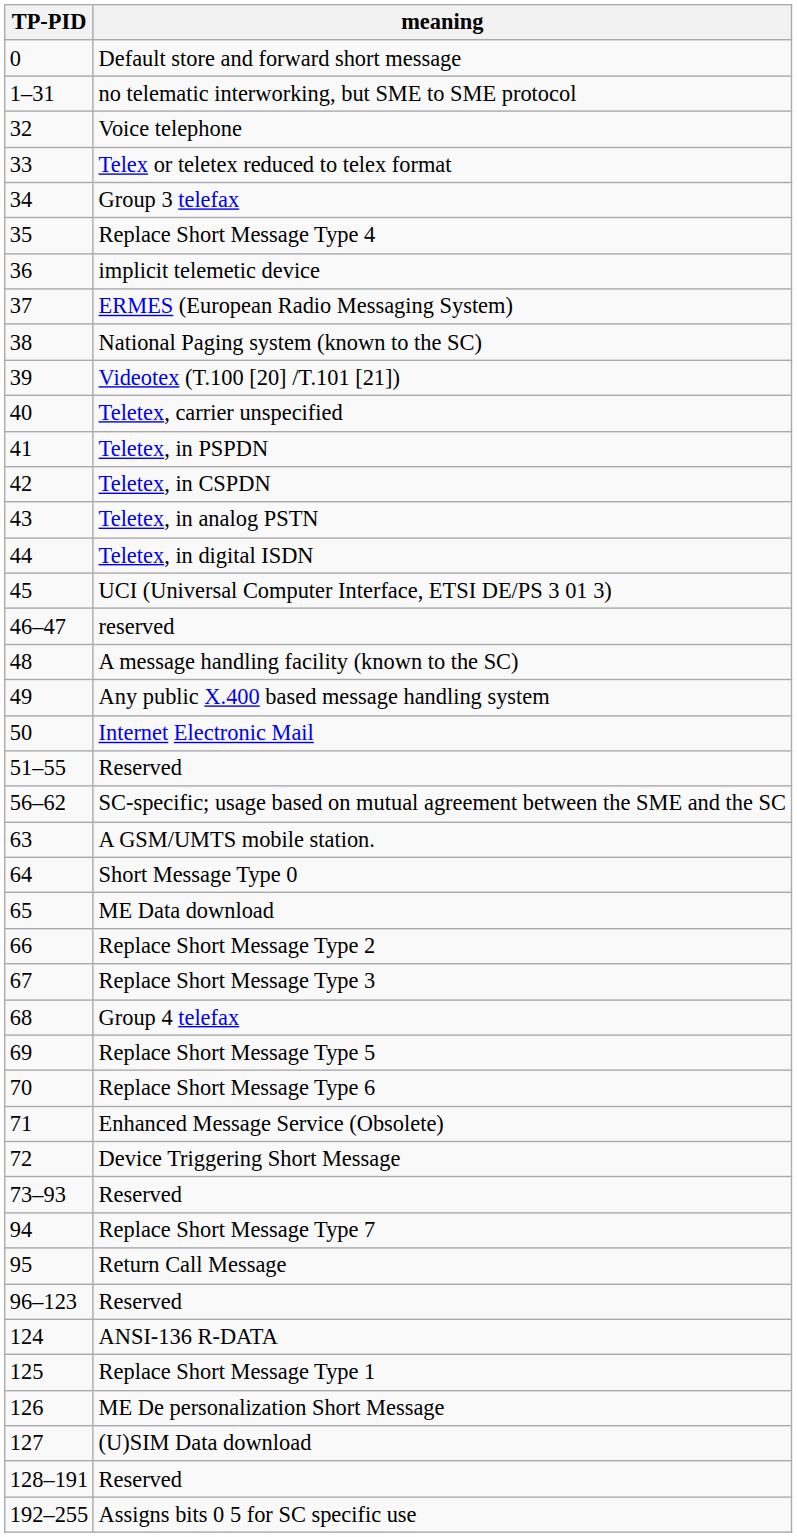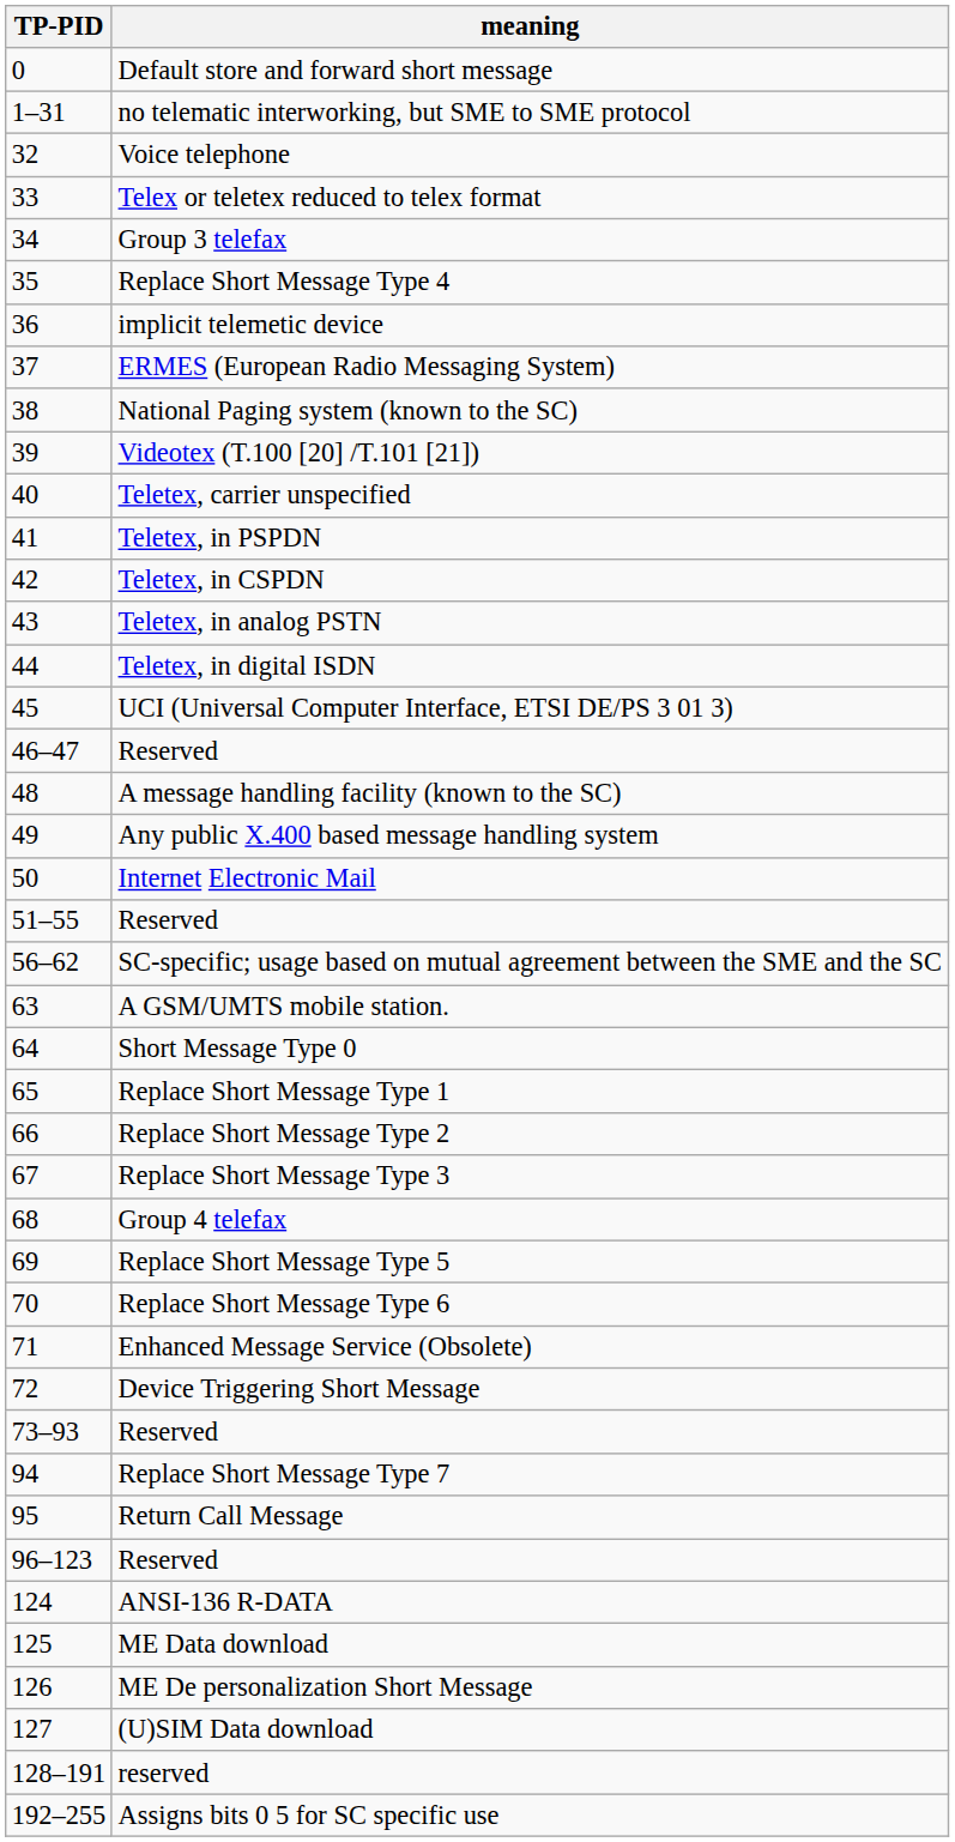 <table class="wikitable">
 <tr>
 <th>TP-PID</th>
 <th>meaning</th>
 </tr>
 <tr>
 <td>0</td>
 <td>Default store and forward short message</td>
 </tr>
 <tr>
 <td>1–31</td>
 <td>no telematic interworking, but SME to SME protocol</td>
 </tr>
 <tr>
 <td>32</td>
 <td>Voice telephone</td>
 </tr>
 <tr>
 <td>33</td>
 <td><a href='#'>Telex</a> or teletex reduced to telex format</td>
 </tr>
 <tr>
 <td>34</td>
 <td>Group 3 <a href='#'>telefax</a></td>
 </tr>
 <tr>
 <td>35</td>
 <td>Replace Short Message Type 4</td>
 </tr>
 <tr>
 <td>36</td>
 <td>implicit telemetic device</td>
 </tr>
 <tr>
 <td>37</td>
 <td><a href='#'>ERMES</a>  (European Radio Messaging System)</td>
 </tr>
 <tr>
 <td>38</td>
 <td>National Paging system (known to the SC)</td>
 </tr>
 <tr>
 <td>39</td>
 <td><a href='#'>Videotex</a> (T.100 [20] /T.101 [21])</td>
 </tr>
 <tr>
 <td>40</td>
 <td><a href='#'>Teletex</a>, carrier unspecified</td>
 </tr>
 <tr>
 <td>41</td>
 <td><a href='#'>Teletex</a>, in PSPDN</td>
 </tr>
 <tr>
 <td>42</td>
 <td><a href='#'>Teletex</a>, in CSPDN</td>
 </tr>
 <tr>
 <td>43</td>
 <td><a href='#'>Teletex</a>, in analog PSTN</td>
 </tr>
 <tr>
 <td>44</td>
 <td><a href='#'>Teletex</a>, in digital ISDN</td>
 </tr>
 <tr>
 <td>45</td>
 <td>UCI (Universal Computer Interface, ETSI DE/PS 3 01 3)</td>
 </tr>
 <tr>
 <td>46–47</td>
-<td>reserved</td>
+<td>Reserved</td>
 </tr>
 <tr>
 <td>48</td>
 <td>A message handling facility (known to the SC)</td>
 </tr>
 <tr>
 <td>49</td>
 <td>Any public <a href='#'>X.400</a> based message handling system</td>
 </tr>
 <tr>
 <td>50</td>
 <td><a href='#'>Internet</a> <a href='#'>Electronic Mail</a></td>
 </tr>
 <tr>
 <td>51–55</td>
 <td>Reserved</td>
 </tr>
 <tr>
 <td>56–62</td>
 <td>SC-specific; usage based on mutual agreement between the SME and the SC</td>
 </tr>
 <tr>
 <td>63</td>
 <td>A GSM/UMTS mobile station.</td>
 </tr>
 <tr>
 <td>64</td>
 <td>Short Message Type 0</td>
 </tr>
 <tr>
 <td>65</td>
-<td>ME Data download</td>
+<td>Replace Short Message Type 1</td>
 </tr>
 <tr>
 <td>66</td>
 <td>Replace Short Message Type 2</td>
 </tr>
 <tr>
 <td>67</td>
 <td>Replace Short Message Type 3</td>
 </tr>
 <tr>
 <td>68</td>
 <td>Group 4 <a href='#'>telefax</a></td>
 </tr>
 <tr>
 <td>69</td>
 <td>Replace Short Message Type 5</td>
 </tr>
 <tr>
 <td>70</td>
 <td>Replace Short Message Type 6</td>
 </tr>
 <tr>
 <td>71</td>
 <td>Enhanced Message Service (Obsolete)</td>
 </tr>
 <tr>
 <td>72</td>
 <td>Device Triggering Short Message</td>
 </tr>
 <tr>
 <td>73–93</td>
 <td>Reserved</td>
 </tr>
 <tr>
 <td>94</td>
 <td>Replace Short Message Type 7</td>
 </tr>
 <tr>
 <td>95</td>
 <td>Return Call Message</td>
 </tr>
 <tr>
 <td>96–123</td>
 <td>Reserved</td>
 </tr>
 <tr>
 <td>124</td>
 <td>ANSI-136 R-DATA</td>
 </tr>
 <tr>
 <td>125</td>
-<td>Replace Short Message Type 1</td>
+<td>ME Data download</td>
 </tr>
 <tr>
 <td>126</td>
 <td>ME De personalization Short Message</td>
 </tr>
 <tr>
 <td>127</td>
 <td>(U)SIM Data download</td>
 </tr>
 <tr>
 <td>128–191</td>
-<td>Reserved</td>
+<td>reserved</td>
 </tr>
 <tr>
 <td>192–255</td>
 <td>Assigns bits 0 5 for SC specific use</td>
 </tr>
 </table>
